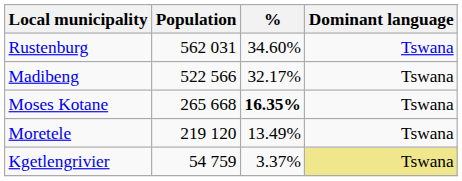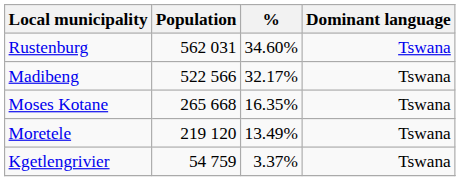 <table class="wikitable" style="font-size: 95%; text-align: right">
 <tr>
 <th>Local municipality</th>
 <th>Population</th>
 <th>%</th>
 <th>Dominant language</th>
 </tr>
 <tr>
 <td align=left><a href='#'>Rustenburg</a></td>
 <td>562 031</td>
 <td>34.60%</td>
 <td><a href='#'>Tswana</a></td>
 </tr>
 <tr>
 <td align=left><a href='#'>Madibeng</a></td>
 <td>522 566</td>
 <td>32.17%</td>
 <td>Tswana</td>
 </tr>
 <tr>
 <td align=left><a href='#'>Moses Kotane</a></td>
 <td>265 668</td>
-<td><strong>16.35%</strong></td>
+<td>16.35%</td>
 <td>Tswana</td>
 </tr>
 <tr>
 <td align=left><a href='#'>Moretele</a></td>
 <td>219 120</td>
 <td>13.49%</td>
 <td>Tswana</td>
 </tr>
 <tr>
 <td align=left><a href='#'>Kgetlengrivier</a></td>
 <td>54 759</td>
 <td>3.37%</td>
-<td style="background: khaki;">Tswana</td>
+<td>Tswana</td>
 </tr>
 <tr>
 </tr>
 </table>
